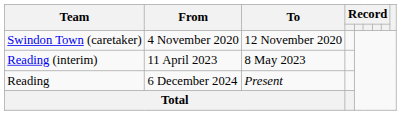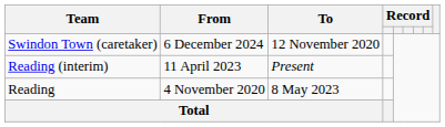 <table class=wikitable style="text-align: center;">
 <tr>
 <th rowspan=2>Team</th>
 <th rowspan=2>From</th>
 <th rowspan=2>To</th>
 <th colspan=5>Record</th>
 <th rowspan=2></th>
 </tr>
 <tr>
 <th></th>
 <th></th>
 <th></th>
 <th></th>
 <th></th>
 </tr>
 <tr>
 <td align=left><a href='#'>Swindon Town</a> (caretaker)</td>
-<td align=left>4 November 2020</td>
+<td align=left>6 December 2024</td>
 <td align=left>12 November 2020<br></td>
 <td></td>
 </tr>
 <tr>
 <td align=left><a href='#'>Reading</a> (interim)</td>
 <td align=left>11 April 2023</td>
-<td align=left>8 May 2023<br></td>
+<td align=left><em>Present</em><br></td>
 <td></td>
 </tr>
 <tr>
 <td align="left">Reading</td>
-<td align=left>6 December 2024</td>
-<td align=left><em>Present</em><br></td>
+<td align=left>4 November 2020</td>
+<td align=left>8 May 2023<br></td>
 <td></td>
 </tr>
 <tr>
 <th colspan=3>Total<br></th>
 <th></th>
 </tr>
 </table>
